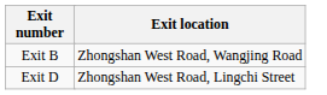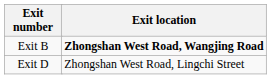 <table class="wikitable">
 <tr>
 <th style="width:70px" colspan="2">Exit number</th>
 <th>Exit location</th>
 </tr>
 <tr>
 <td align="center" colspan="2">Exit B </td>
-<td>Zhongshan West Road, Wangjing Road</td>
+<td><strong>Zhongshan West Road, Wangjing Road</strong></td>
 </tr>
 <tr>
 <td align="center" colspan="2">Exit D</td>
 <td>Zhongshan West Road, Lingchi Street</td>
 </tr>
 </table>
